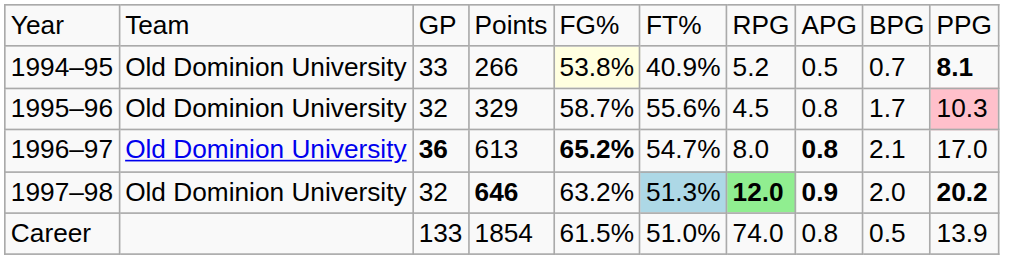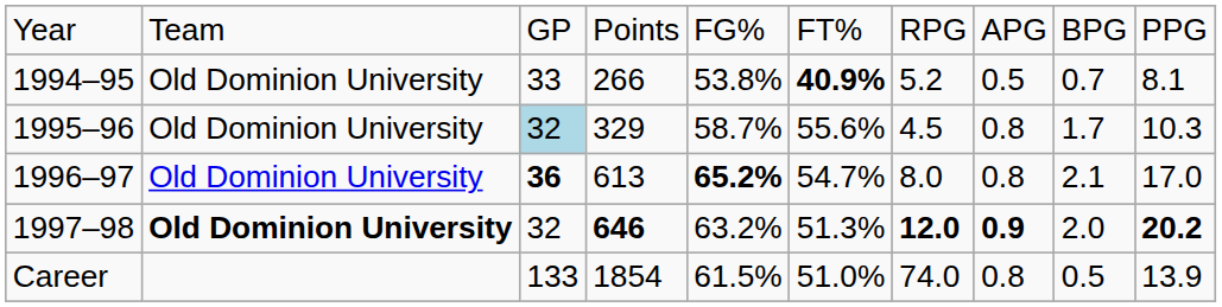 <table class="wikitable">
 <tr>
 <td>Year</td>
 <td>Team</td>
 <td>GP</td>
 <td>Points</td>
 <td>FG%</td>
 <td>FT%</td>
 <td>RPG</td>
 <td>APG</td>
 <td>BPG</td>
 <td>PPG</td>
 </tr>
 <tr>
 <td>1994–95</td>
 <td>Old Dominion University</td>
 <td>33</td>
 <td>266</td>
-<td style="background: lightyellow;">53.8%</td>
-<td>40.9%</td>
+<td>53.8%</td>
+<td><strong>40.9%</strong></td>
 <td>5.2</td>
 <td>0.5</td>
 <td>0.7</td>
-<td><strong>8.1</strong></td>
+<td>8.1</td>
 </tr>
 <tr>
 <td>1995–96</td>
 <td>Old Dominion University</td>
-<td>32</td>
+<td style="background: lightblue;">32</td>
 <td>329</td>
 <td>58.7%</td>
 <td>55.6%</td>
 <td>4.5</td>
 <td>0.8</td>
 <td>1.7</td>
-<td style="background: pink;">10.3</td>
+<td>10.3</td>
 </tr>
 <tr>
 <td>1996–97</td>
 <td><a href='#'>Old Dominion University</a></td>
 <td><strong>36</strong></td>
 <td>613</td>
 <td><strong>65.2%</strong></td>
 <td>54.7%</td>
 <td>8.0</td>
-<td><strong>0.8</strong></td>
+<td>0.8</td>
 <td>2.1</td>
 <td>17.0</td>
 </tr>
 <tr>
 <td>1997–98</td>
-<td>Old Dominion University</td>
+<td><strong>Old Dominion University</strong></td>
 <td>32</td>
 <td><strong>646</strong></td>
 <td>63.2%</td>
-<td style="background: lightblue;">51.3%</td>
-<td style="background: lightgreen;"><strong>12.0</strong></td>
+<td>51.3%</td>
+<td><strong>12.0</strong></td>
 <td><strong>0.9</strong></td>
 <td>2.0</td>
 <td><strong>20.2</strong></td>
 </tr>
 <tr>
 <td>Career</td>
 <td></td>
 <td>133</td>
 <td>1854</td>
 <td>61.5%</td>
 <td>51.0%</td>
 <td>74.0</td>
 <td>0.8</td>
 <td>0.5</td>
 <td>13.9</td>
 </tr>
 </table>
